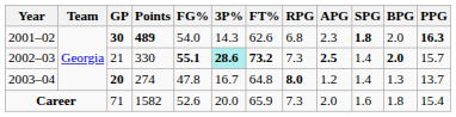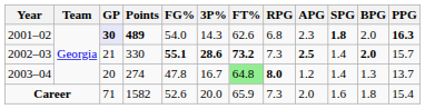 <table class="wikitable sortable">
 <tr>
 <th>Year</th>
 <th>Team</th>
 <th>GP</th>
 <th>Points</th>
 <th>FG%</th>
 <th>3P%</th>
 <th>FT%</th>
 <th>RPG</th>
 <th>APG</th>
 <th>SPG</th>
 <th>BPG</th>
 <th>PPG</th>
 </tr>
 <tr>
 <td>2001–02</td>
 <td rowspan=3><a href='#'>Georgia</a></td>
-<td><strong>30</strong></td>
+<td style="background: lavender;"><strong>30</strong></td>
 <td><strong>489</strong></td>
 <td>54.0</td>
 <td>14.3</td>
 <td>62.6</td>
 <td>6.8</td>
 <td>2.3</td>
 <td><strong>1.8</strong></td>
 <td>2.0</td>
 <td><strong>16.3</strong></td>
 </tr>
 <tr>
 <td>2002–03</td>
 <td>21</td>
 <td>330</td>
 <td><strong>55.1</strong></td>
-<td style="background: paleturquoise;"><strong>28.6</strong></td>
+<td><strong>28.6</strong></td>
 <td><strong>73.2</strong></td>
 <td>7.3</td>
 <td><strong>2.5</strong></td>
 <td>1.4</td>
 <td><strong>2.0</strong></td>
 <td>15.7</td>
 </tr>
 <tr>
 <td>2003–04</td>
-<td><strong>20</strong></td>
+<td>20</td>
 <td>274</td>
 <td>47.8</td>
 <td>16.7</td>
-<td>64.8</td>
+<td style="background: lightgreen;">64.8</td>
 <td><strong>8.0</strong></td>
 <td>1.2</td>
 <td>1.4</td>
 <td>1.3</td>
 <td>13.7</td>
 </tr>
 <tr class="sortbottom">
 <td align=center colspan=2><strong>Career</strong></td>
 <td>71</td>
 <td>1582</td>
 <td>52.6</td>
 <td>20.0</td>
 <td>65.9</td>
 <td>7.3</td>
 <td>2.0</td>
 <td>1.6</td>
 <td>1.8</td>
 <td>15.4</td>
 </tr>
 </table>
